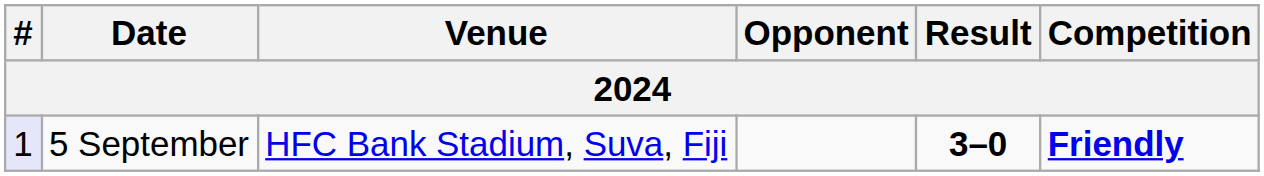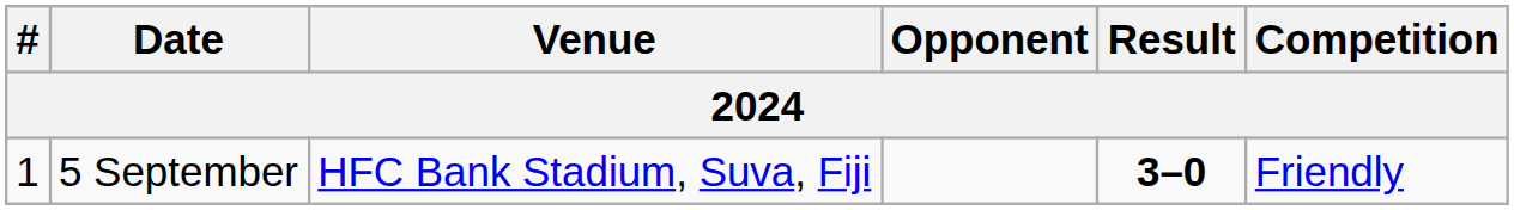 <table class="wikitable collapsible collapsed" style="font-size:95%; text-align: left;">
 <tr bgcolor="#CCCCCC" align="center">
 <th>#</th>
 <th>Date</th>
 <th>Venue</th>
 <th>Opponent</th>
 <th>Result</th>
 <th>Competition</th>
 </tr>
 <tr>
 <th colspan="7">2024</th>
 </tr>
 <tr>
-<td style="background: lavender;">1</td>
+<td>1</td>
 <td>5 September</td>
 <td><a href='#'>HFC Bank Stadium</a>, <a href='#'>Suva</a>, <a href='#'>Fiji</a></td>
 <td></td>
 <td align=center><strong>3–0</strong></td>
-<td><strong><a href='#'>Friendly</a></strong></td>
+<td><a href='#'>Friendly</a></td>
 </tr>
 </table>
